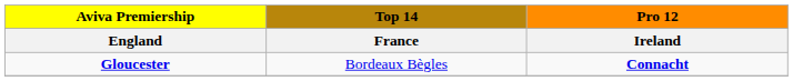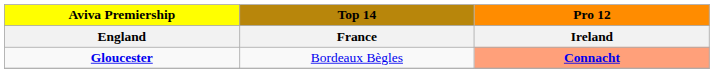 <table class="wikitable" style="margin: 1em auto 1em auto;">
 <tr>
 <th style="background: #ffff00;">Aviva Premiership</th>
 <th style="background: #b8860b;">Top 14</th>
 <th style="background: #ff8c00;">Pro 12</th>
 </tr>
 <tr>
 <th width=16%> England</th>
 <th width=16%> France</th>
 <th width=16%> Ireland</th>
 </tr>
 <tr>
 <td style="text-align: center;"><strong><a href='#'>Gloucester</a></strong></td>
 <td style="text-align: center;"><a href='#'>Bordeaux Bègles</a></td>
-<td style="text-align: center;"><strong><a href='#'>Connacht</a></strong></td>
+<td style="background: lightsalmon; text-align: center;"><strong><a href='#'>Connacht</a></strong></td>
 </tr>
 <tr valign=top>
 </tr>
 </table>
